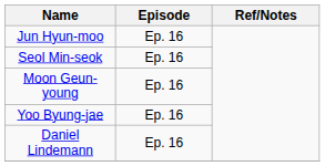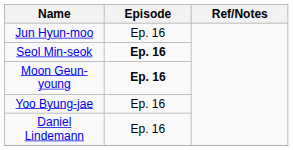 <table class=wikitable style=text-align:center;width:30%>
 <tr>
 <th width=10%>Name</th>
 <th width=10%>Episode</th>
 <th width=10%>Ref/Notes</th>
 </tr>
 <tr>
 <td><a href='#'>Jun Hyun-moo</a></td>
 <td>Ep. 16</td>
 <td rowspan=5></td>
 </tr>
 <tr>
 <td><a href='#'>Seol Min-seok</a></td>
-<td>Ep. 16</td>
+<td><strong>Ep. 16</strong></td>
 </tr>
 <tr>
 <td><a href='#'>Moon Geun-young</a></td>
-<td>Ep. 16</td>
+<td><strong>Ep. 16</strong></td>
 </tr>
 <tr>
 <td><a href='#'>Yoo Byung-jae</a></td>
 <td>Ep. 16</td>
 </tr>
 <tr>
 <td><a href='#'>Daniel Lindemann</a></td>
 <td>Ep. 16</td>
 </tr>
 <tr>
 </tr>
 </table>
